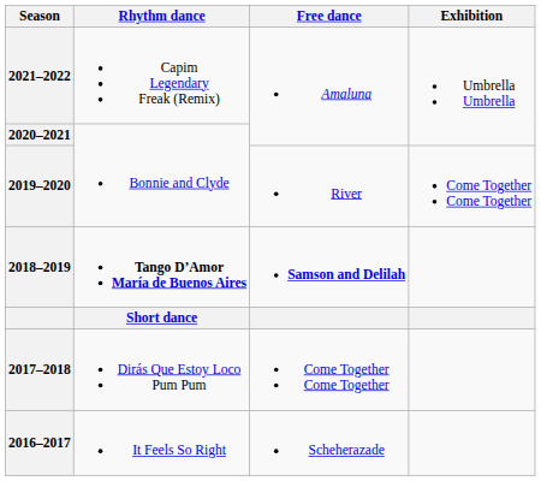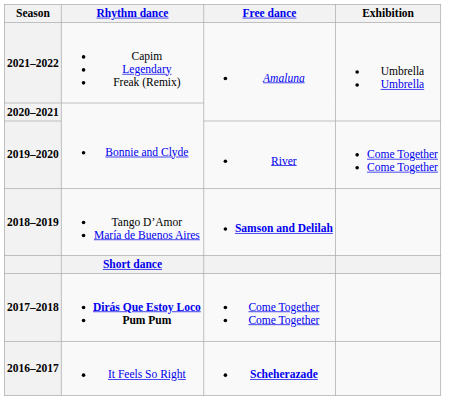 <table class=wikitable style=text-align:center>
 <tr>
 <th>Season</th>
 <th><a href='#'>Rhythm dance</a></th>
 <th><a href='#'>Free dance</a></th>
 <th>Exhibition</th>
 </tr>
 <tr>
 <th>2021–2022 <br> </th>
 <td><br><ul><li> Capim<br> </li><li> <a href='#'>Legendary</a> <br> </li><li> Freak (Remix) <br> </li></ul></td>
 <td rowspan=2><br><ul><li><em><a href='#'>Amaluna</a></em> <br> </li></ul></td>
 <td rowspan=2><br><ul><li>Umbrella<br></li><li><a href='#'>Umbrella</a><br></li></ul></td>
 </tr>
 <tr>
 <th>2020–2021</th>
 <td rowspan=2><br><ul><li> <a href='#'>Bonnie and Clyde</a><br></li></ul></td>
 </tr>
 <tr>
 <th>2019–2020 <br> </th>
 <td><br><ul><li><a href='#'>River</a> <br></li></ul></td>
 <td><br><ul><li><a href='#'>Come Together</a><br></li><li><a href='#'>Come Together</a><br></li></ul></td>
 </tr>
 <tr>
 <th>2018–2019 <br> </th>
-<td><strong><br><ul><li> Tango D’Amor <br></li><li> <a href='#'>María de Buenos Aires</a> <br></li></ul></strong></td>
+<td><br><ul><li> Tango D’Amor <br></li><li> <a href='#'>María de Buenos Aires</a> <br></li></ul></td>
 <td><strong><br><ul><li><a href='#'>Samson and Delilah</a> <br> </li></ul></strong></td>
 <td></td>
 </tr>
 <tr>
 <th></th>
 <th><a href='#'>Short dance</a></th>
 <th></th>
 <th></th>
 </tr>
 <tr>
 <th>2017–2018</th>
-<td><br><ul><li><a href='#'>Dirás Que Estoy Loco</a><br></li><li>Pum Pum<br></li></ul></td>
+<td><strong><br><ul><li><a href='#'>Dirás Que Estoy Loco</a><br></li><li>Pum Pum<br></li></ul></strong></td>
 <td><br><ul><li><a href='#'>Come Together</a><br></li><li><a href='#'>Come Together</a><br></li></ul></td>
 <td></td>
 </tr>
 <tr>
 <th>2016–2017</th>
 <td><br><ul><li><a href='#'>It Feels So Right</a><br></li></ul></td>
-<td><br><ul><li><a href='#'>Scheherazade</a><br></li></ul></td>
+<td><strong><br><ul><li><a href='#'>Scheherazade</a><br></li></ul></strong></td>
 <td></td>
 </tr>
 </table>
